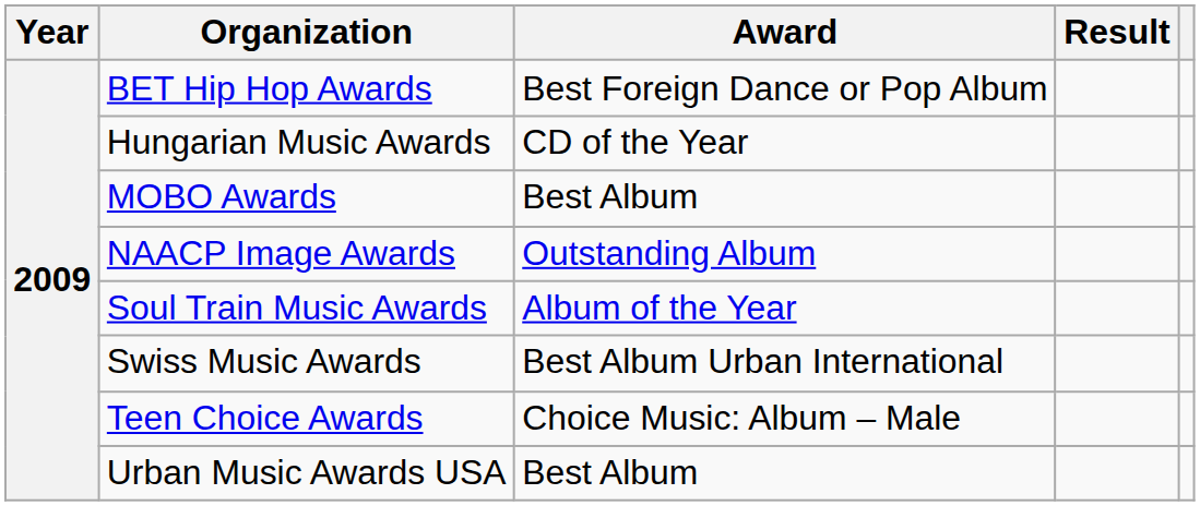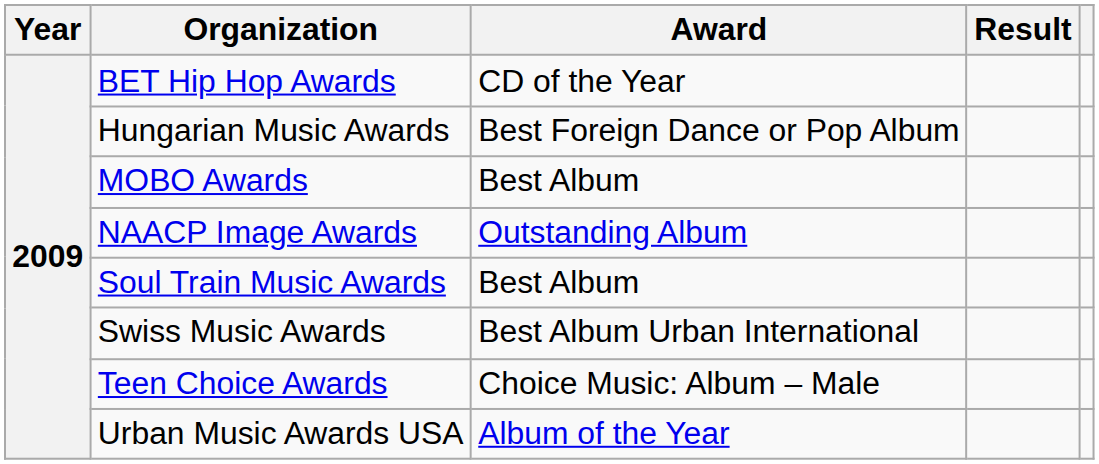 <table class="wikitable sortable plainrowheaders" style="border:none; margin:0;">
 <tr>
 <th scope="col">Year</th>
 <th scope="col">Organization</th>
 <th scope="col">Award</th>
 <th scope="col">Result</th>
 <th scope="col" class="unsortable"></th>
 </tr>
 <tr>
 <th scope="row" rowspan="8">2009</th>
 <td><a href='#'>BET Hip Hop Awards</a></td>
-<td>Best Foreign Dance or Pop Album</td>
+<td>CD of the Year</td>
 <td></td>
 <td></td>
 </tr>
 <tr>
 <td>Hungarian Music Awards</td>
-<td>CD of the Year</td>
+<td>Best Foreign Dance or Pop Album</td>
 <td></td>
 <td></td>
 </tr>
 <tr>
 <td><a href='#'>MOBO Awards</a></td>
 <td>Best Album</td>
 <td></td>
 <td></td>
 </tr>
 <tr>
 <td><a href='#'>NAACP Image Awards</a></td>
 <td><a href='#'>Outstanding Album</a></td>
 <td></td>
 <td></td>
 </tr>
 <tr>
 <td><a href='#'>Soul Train Music Awards</a></td>
-<td><a href='#'>Album of the Year</a></td>
+<td>Best Album</td>
 <td></td>
 <td></td>
 </tr>
 <tr>
 <td>Swiss Music Awards</td>
 <td>Best Album Urban International</td>
 <td></td>
 <td></td>
 </tr>
 <tr>
 <td><a href='#'>Teen Choice Awards</a></td>
 <td>Choice Music: Album – Male</td>
 <td></td>
 <td></td>
 </tr>
 <tr>
 <td>Urban Music Awards USA</td>
-<td>Best Album</td>
+<td><a href='#'>Album of the Year</a></td>
 <td></td>
 <td></td>
 </tr>
 </table>
